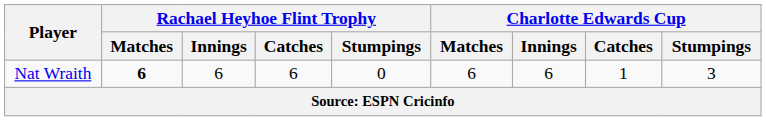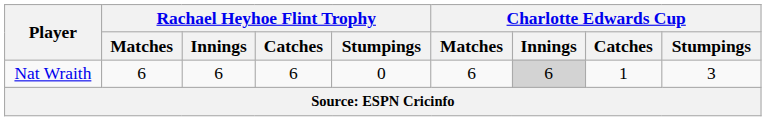 <table class="wikitable" style="text-align:center; width:55%;">
 <tr>
 <th rowspan=2>Player</th>
 <th colspan=4><a href='#'>Rachael Heyhoe Flint Trophy</a></th>
 <th colspan=4><a href='#'>Charlotte Edwards Cup</a></th>
 </tr>
 <tr>
 <th>Matches</th>
 <th>Innings</th>
 <th>Catches</th>
 <th>Stumpings</th>
 <th>Matches</th>
 <th>Innings</th>
 <th>Catches</th>
 <th>Stumpings</th>
 </tr>
 <tr>
 <td><a href='#'>Nat Wraith</a></td>
-<td><strong>6</strong></td>
+<td>6</td>
 <td>6</td>
 <td>6</td>
 <td>0</td>
 <td>6</td>
-<td>6</td>
+<td style="background: lightgrey;">6</td>
 <td>1</td>
 <td>3</td>
 </tr>
 <tr>
 <th colspan="9"><small>Source: ESPN Cricinfo</small></th>
 </tr>
 </table>
